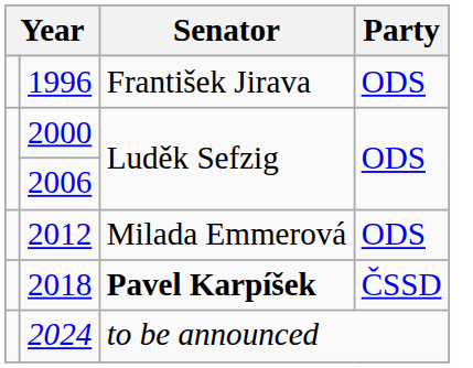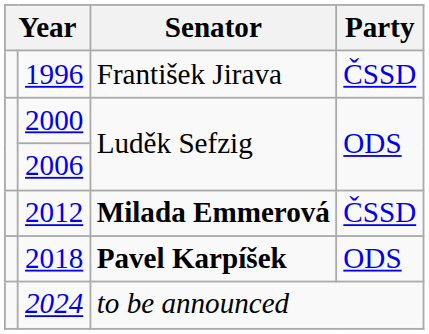 <table class="wikitable">
 <tr>
 <th colspan="2">Year</th>
 <th>Senator</th>
 <th>Party</th>
 </tr>
 <tr>
 <td style="background-color:"></td>
 <td><a href='#'>1996</a></td>
 <td>František Jirava</td>
-<td><a href='#'>ODS</a></td>
+<td><a href='#'>ČSSD</a></td>
 </tr>
 <tr>
 <td rowspan="2" style="background-color:"></td>
 <td><a href='#'>2000</a></td>
 <td rowspan="2">Luděk Sefzig</td>
 <td rowspan="2"><a href='#'>ODS</a></td>
 </tr>
 <tr>
 <td><a href='#'>2006</a></td>
 </tr>
 <tr>
 <td style="background-color:"></td>
 <td><a href='#'>2012</a></td>
-<td>Milada Emmerová</td>
-<td><a href='#'>ODS</a></td>
+<td><strong>Milada Emmerová</strong></td>
+<td><a href='#'>ČSSD</a></td>
 </tr>
 <tr>
 <td style="background-color:"></td>
 <td><a href='#'>2018</a></td>
 <td><strong>Pavel Karpíšek</strong></td>
-<td><a href='#'>ČSSD</a></td>
+<td><a href='#'>ODS</a></td>
 </tr>
 <tr>
 <td></td>
 <td><em><a href='#'>2024</a></em></td>
 <td colspan="2"><em>to be announced</em></td>
 </tr>
 </table>
